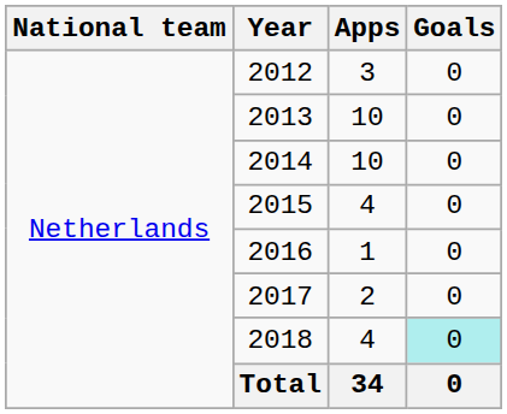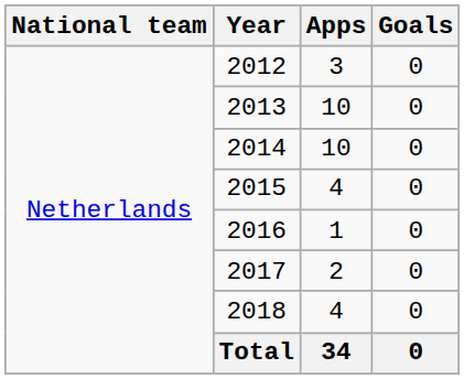 <table class="wikitable" style="text-align:center">
 <tr>
 <th>National team</th>
 <th>Year</th>
 <th>Apps</th>
 <th>Goals</th>
 </tr>
 <tr>
 <td rowspan="8"><a href='#'>Netherlands</a></td>
 <td>2012</td>
 <td>3</td>
 <td>0</td>
 </tr>
 <tr>
 <td>2013</td>
 <td>10</td>
 <td>0</td>
 </tr>
 <tr>
 <td>2014</td>
 <td>10</td>
 <td>0</td>
 </tr>
 <tr>
 <td>2015</td>
 <td>4</td>
 <td>0</td>
 </tr>
 <tr>
 <td>2016</td>
 <td>1</td>
 <td>0</td>
 </tr>
 <tr>
 <td>2017</td>
 <td>2</td>
 <td>0</td>
 </tr>
 <tr>
 <td>2018</td>
 <td>4</td>
-<td style="background: paleturquoise;">0</td>
+<td>0</td>
 </tr>
 <tr>
 <th>Total</th>
 <th>34</th>
 <th>0</th>
 </tr>
 </table>
